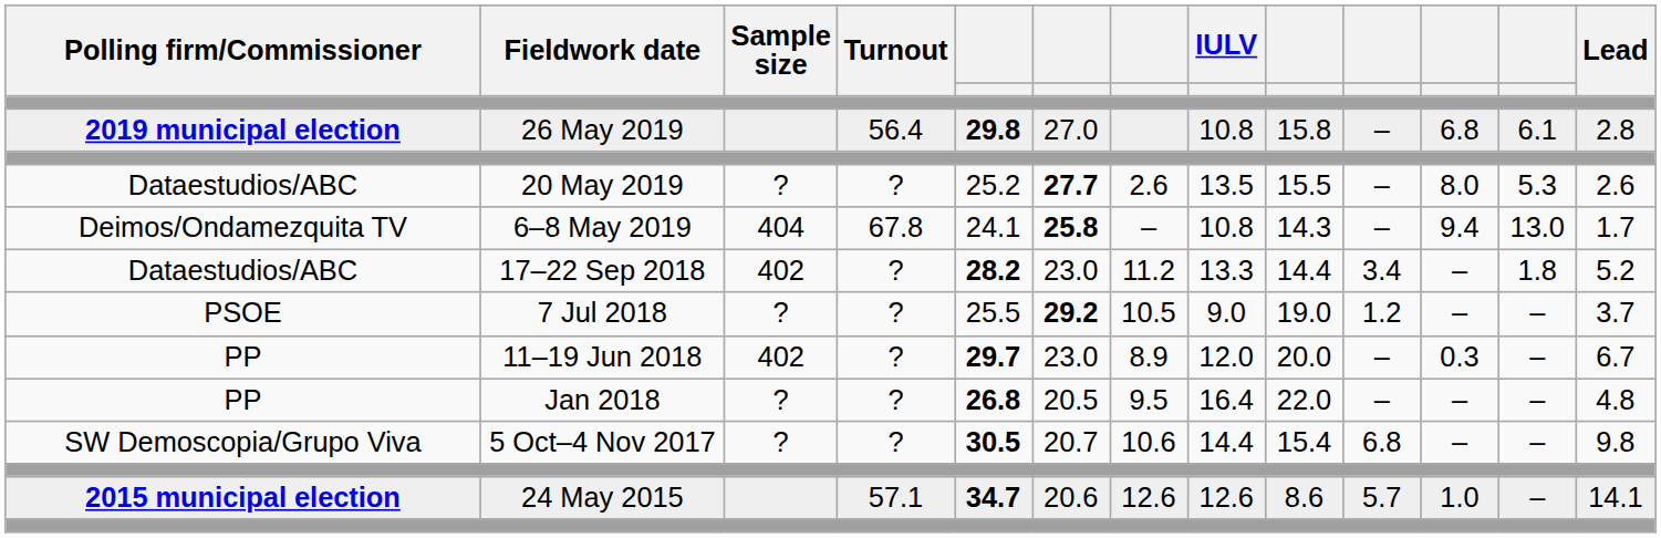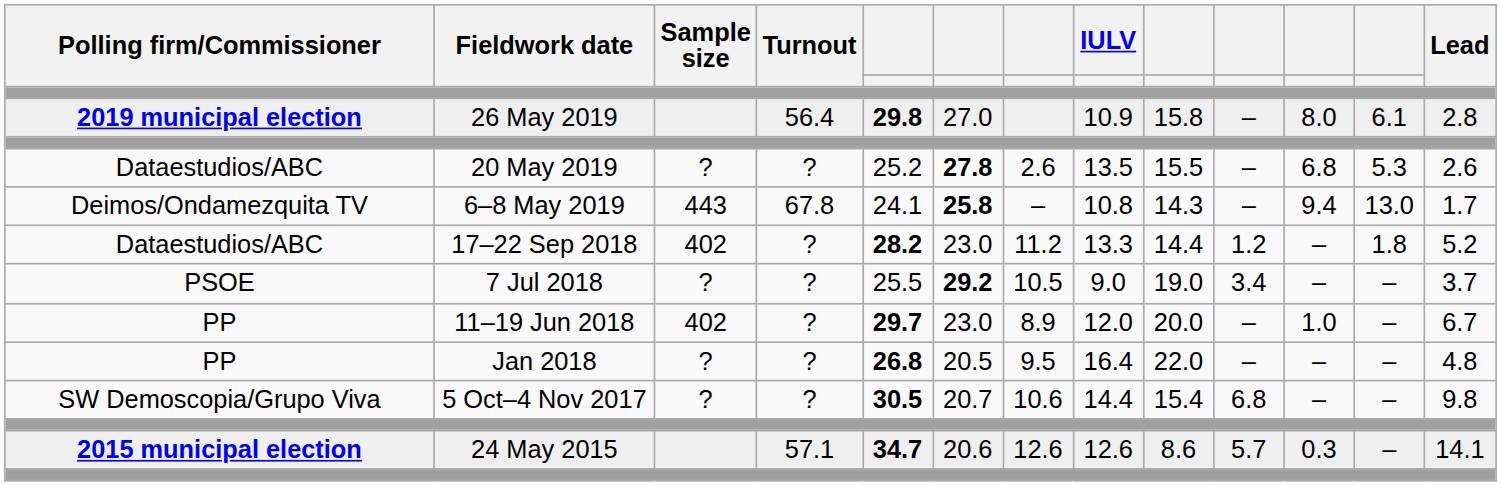 <table class="wikitable collapsible collapsed" style="text-align:center; font-size:95%; line-height:16px;">
 <tr style="height:42px;">
 <th style="width:250px;" rowspan="2">Polling firm/Commissioner</th>
 <th style="width:125px;" rowspan="2">Fieldwork date</th>
 <th style="width:50px;" rowspan="2">Sample size</th>
 <th style="width:45px;" rowspan="2">Turnout</th>
 <th style="width:35px;"></th>
 <th style="width:35px;"></th>
 <th style="width:35px;"></th>
 <th style="width:35px;"><a href='#'>IULV</a></th>
 <th style="width:35px;"></th>
 <th style="width:35px;"></th>
 <th style="width:35px;"></th>
 <th style="width:35px;"></th>
 <th style="width:30px;" rowspan="2">Lead</th>
 </tr>
 <tr>
 <th style="color:inherit;background:"></th>
 <th style="color:inherit;background:"></th>
 <th style="color:inherit;background:"></th>
 <th style="color:inherit;background:"></th>
 <th style="color:inherit;background:"></th>
 <th style="color:inherit;background:"></th>
 <th style="color:inherit;background:"></th>
 <th style="color:inherit;background:"></th>
 </tr>
 <tr>
 <td colspan="13" style="background:#A0A0A0"></td>
 </tr>
 <tr style="background:#EFEFEF;">
 <td><strong><a href='#'>2019 municipal election</a></strong></td>
 <td>26 May 2019</td>
 <td></td>
 <td>56.4</td>
 <td><strong>29.8</strong><br></td>
 <td>27.0<br></td>
 <td></td>
-<td>10.8<br></td>
+<td>10.9<br></td>
 <td>15.8<br></td>
 <td>–</td>
-<td>6.8<br></td>
+<td>8.0<br></td>
 <td>6.1<br></td>
 <td style="background:">2.8</td>
 </tr>
 <tr>
 <td colspan="13" style="background:#A0A0A0"></td>
 </tr>
 <tr>
 <td>Dataestudios/ABC</td>
 <td>20 May 2019</td>
 <td>?</td>
 <td>?</td>
 <td>25.2<br></td>
-<td><strong>27.7</strong><br></td>
+<td><strong>27.8</strong><br></td>
 <td>2.6<br></td>
 <td>13.5<br></td>
 <td>15.5<br></td>
 <td>–</td>
-<td>8.0<br></td>
+<td>6.8<br></td>
 <td>5.3<br></td>
 <td style="background:">2.6</td>
 </tr>
 <tr>
 <td>Deimos/Ondamezquita TV</td>
 <td>6–8 May 2019</td>
-<td>404</td>
+<td>443</td>
 <td>67.8</td>
 <td>24.1<br></td>
 <td><strong>25.8</strong><br></td>
 <td>–</td>
 <td>10.8<br></td>
 <td>14.3<br></td>
 <td>–</td>
 <td>9.4<br></td>
 <td>13.0<br></td>
 <td style="background:">1.7</td>
 </tr>
 <tr>
 <td>Dataestudios/ABC</td>
 <td>17–22 Sep 2018</td>
 <td>402</td>
 <td>?</td>
 <td><strong>28.2</strong><br></td>
 <td>23.0<br></td>
 <td>11.2<br></td>
 <td>13.3<br></td>
 <td>14.4<br></td>
-<td>3.4<br></td>
+<td>1.2<br></td>
 <td>–</td>
 <td>1.8<br></td>
 <td style="background:">5.2</td>
 </tr>
 <tr>
 <td>PSOE</td>
 <td>7 Jul 2018</td>
 <td>?</td>
 <td>?</td>
 <td>25.5<br></td>
 <td><strong>29.2</strong><br></td>
 <td>10.5<br></td>
 <td>9.0<br></td>
 <td>19.0<br></td>
-<td>1.2<br></td>
+<td>3.4<br></td>
 <td>–</td>
 <td>–</td>
 <td style="background:">3.7</td>
 </tr>
 <tr>
 <td>PP</td>
 <td>11–19 Jun 2018</td>
 <td>402</td>
 <td>?</td>
 <td><strong>29.7</strong><br></td>
 <td>23.0<br></td>
 <td>8.9<br></td>
 <td>12.0<br></td>
 <td>20.0<br></td>
 <td>–</td>
-<td>0.3<br></td>
+<td>1.0<br></td>
 <td>–</td>
 <td style="background:">6.7</td>
 </tr>
 <tr>
 <td>PP</td>
 <td>Jan 2018</td>
 <td>?</td>
 <td>?</td>
 <td><strong>26.8</strong><br></td>
 <td>20.5<br></td>
 <td>9.5<br></td>
 <td>16.4<br></td>
 <td>22.0<br></td>
 <td>–</td>
 <td>–</td>
 <td>–</td>
 <td style="background:">4.8</td>
 </tr>
 <tr>
 <td>SW Demoscopia/Grupo Viva</td>
 <td>5 Oct–4 Nov 2017</td>
 <td>?</td>
 <td>?</td>
 <td><strong>30.5</strong><br></td>
 <td>20.7<br></td>
 <td>10.6<br></td>
 <td>14.4<br></td>
 <td>15.4<br></td>
 <td>6.8<br></td>
 <td>–</td>
 <td>–</td>
 <td style="background:">9.8</td>
 </tr>
 <tr>
 <td colspan="13" style="background:#A0A0A0"></td>
 </tr>
 <tr style="background:#EFEFEF;">
 <td><strong><a href='#'>2015 municipal election</a></strong></td>
 <td>24 May 2015</td>
 <td></td>
 <td>57.1</td>
 <td><strong>34.7</strong><br></td>
 <td>20.6<br></td>
 <td>12.6<br></td>
 <td>12.6<br></td>
 <td>8.6<br></td>
 <td>5.7<br></td>
-<td>1.0<br></td>
+<td>0.3<br></td>
 <td>–</td>
 <td style="background:">14.1</td>
 </tr>
 <tr>
 <td colspan="13" style="background:#A0A0A0"></td>
 </tr>
 </table>
